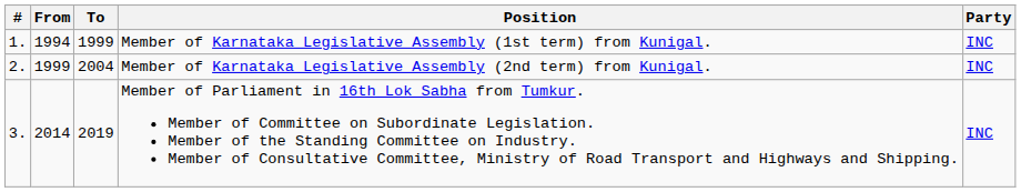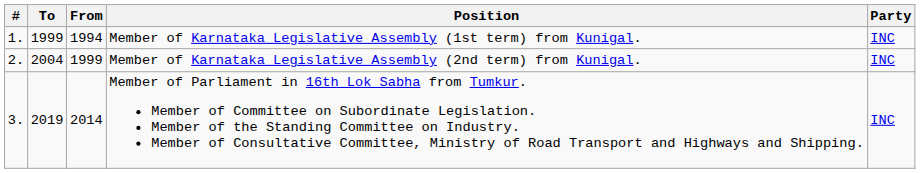 <table class="wikitable">
 <tr>
 <th>#</th>
+<th>To</th>
 <th>From</th>
-<th>To</th>
 <th>Position</th>
 <th>Party</th>
 </tr>
 <tr>
 <td>1.</td>
+<td>1999</td>
 <td>1994</td>
-<td>1999</td>
 <td>Member of <a href='#'>Karnataka Legislative Assembly</a> (1st term) from <a href='#'>Kunigal</a>.</td>
 <td><a href='#'>INC</a></td>
 </tr>
 <tr>
 <td>2.</td>
+<td>2004</td>
 <td>1999</td>
-<td>2004</td>
 <td>Member of <a href='#'>Karnataka Legislative Assembly</a> (2nd term) from <a href='#'>Kunigal</a>.</td>
 <td><a href='#'>INC</a></td>
 </tr>
 <tr>
 <td>3.</td>
+<td>2019</td>
 <td>2014</td>
-<td>2019</td>
 <td>Member of Parliament in <a href='#'>16th Lok Sabha</a> from <a href='#'>Tumkur</a>.<br><ul><li>Member of Committee on Subordinate Legislation.</li><li>Member of the Standing Committee on Industry.</li><li>Member of Consultative Committee, Ministry of Road Transport and Highways and Shipping.</li></ul></td>
 <td><a href='#'>INC</a></td>
 </tr>
 </table>
